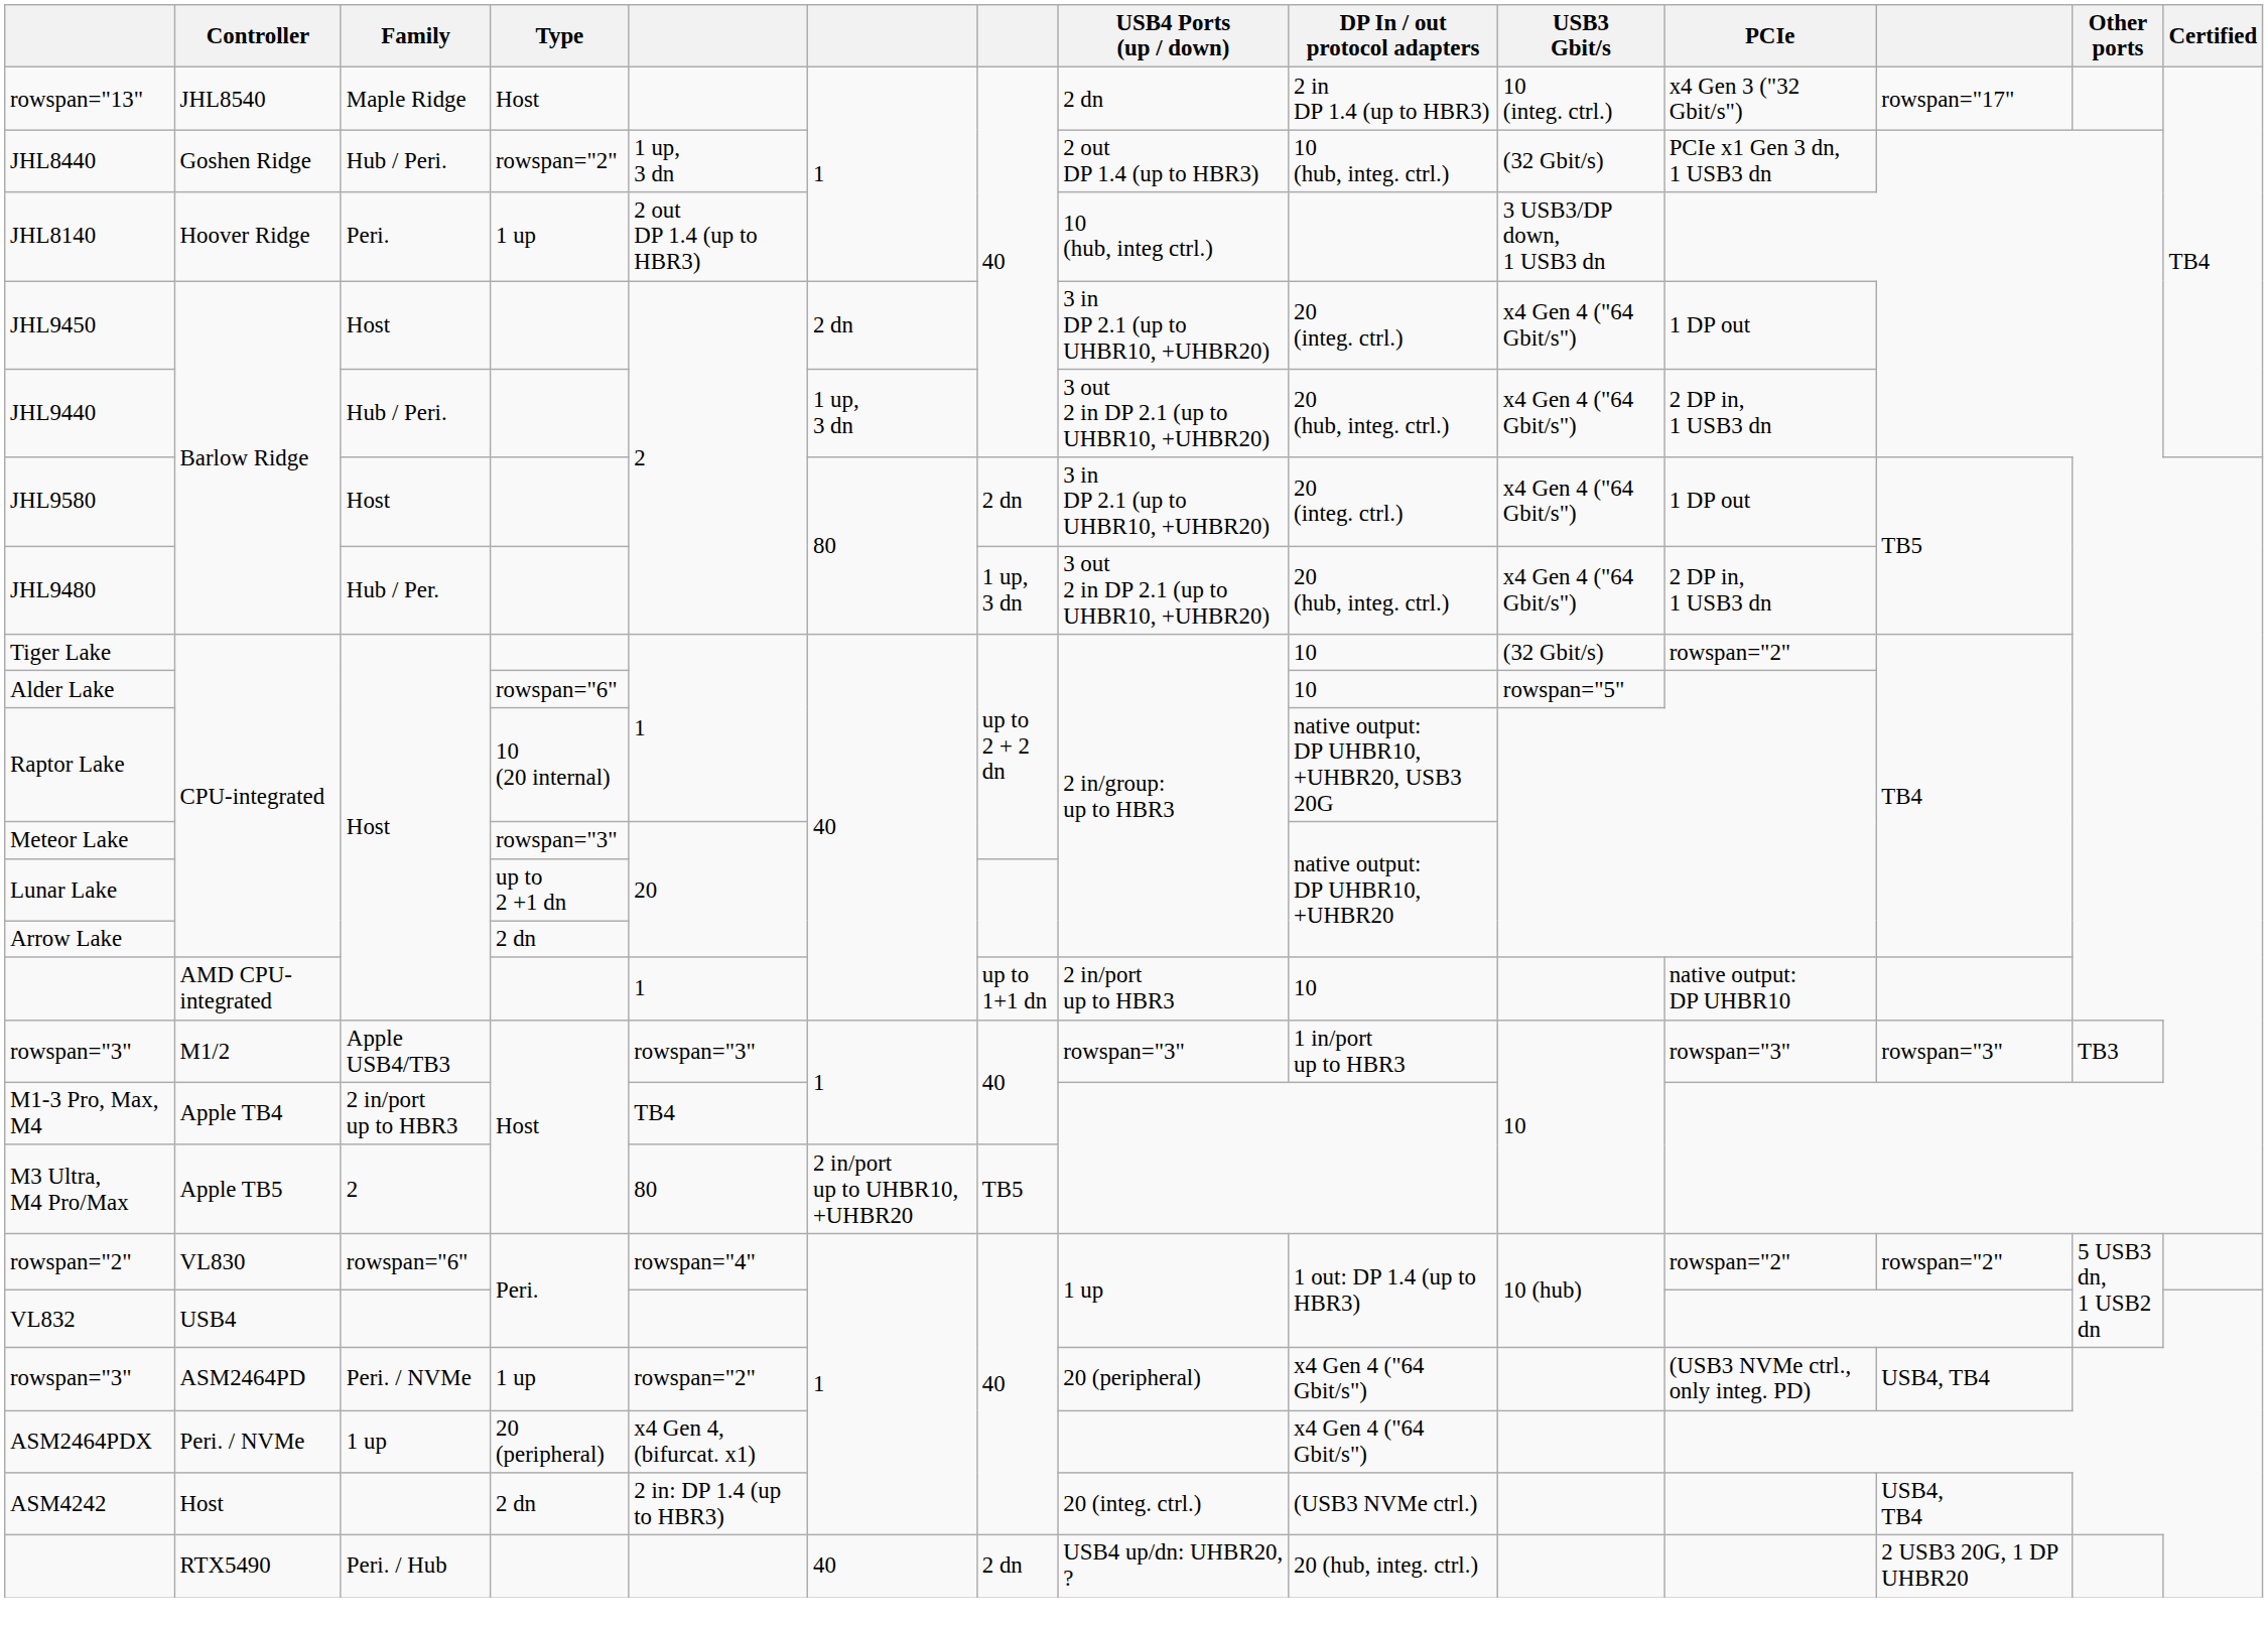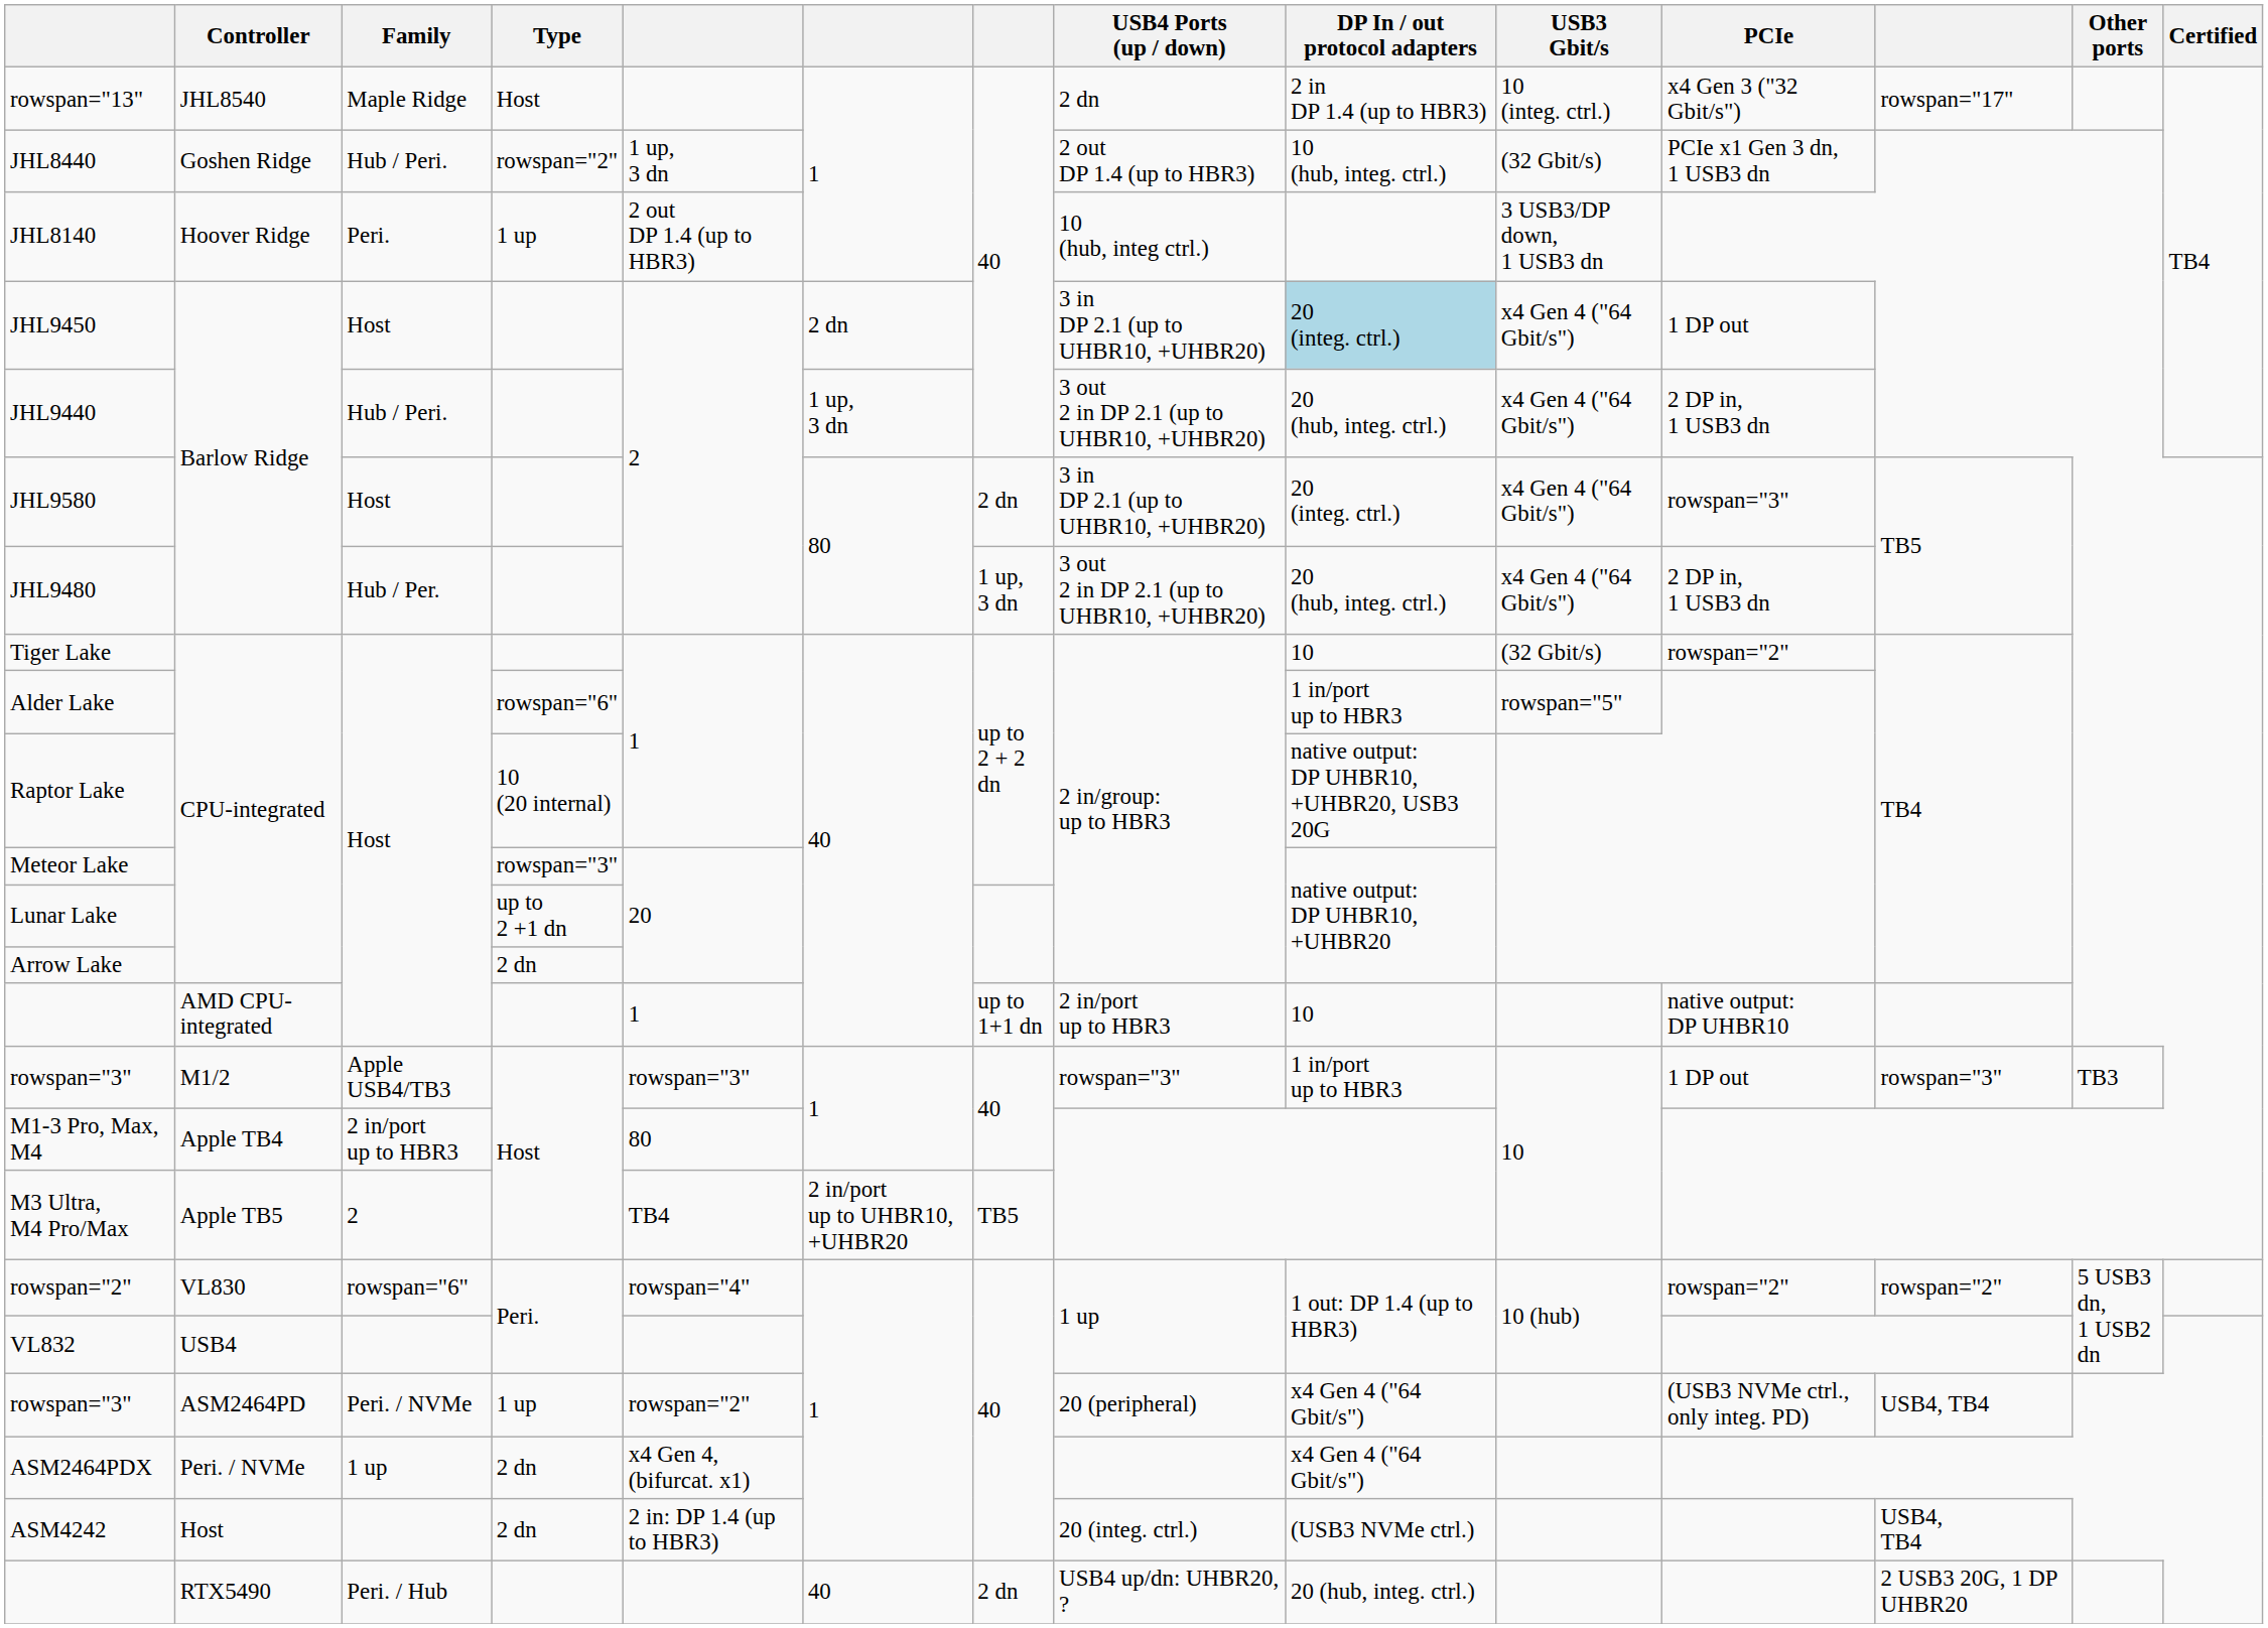 <table class="wikitable">
 <tr>
 <th></th>
 <th>Controller</th>
 <th>Family</th>
 <th>Type</th>
 <th></th>
 <th></th>
 <th></th>
 <th>USB4 Ports<br>(up / down)</th>
 <th>DP In / out<br>protocol adapters</th>
 <th>USB3<br>Gbit/s</th>
 <th>PCIe</th>
 <th></th>
 <th>Other ports</th>
 <th>Certified</th>
 </tr>
 <tr>
 <td>rowspan="13" </td>
 <td>JHL8540</td>
 <td>Maple Ridge</td>
 <td>Host</td>
 <td></td>
 <td rowspan="3">1</td>
 <td rowspan="5">40</td>
 <td>2 dn</td>
 <td>2 in<br>DP 1.4 (up to HBR3)</td>
 <td>10<br>(integ. ctrl.)</td>
 <td>x4 Gen 3 ("32 Gbit/s")</td>
 <td>rowspan="17" </td>
 <td></td>
 <td rowspan="5">TB4</td>
 </tr>
 <tr>
 <td>JHL8440</td>
 <td>Goshen Ridge</td>
 <td>Hub / Peri.</td>
 <td>rowspan="2" </td>
 <td>1 up,<br>3 dn</td>
 <td>2 out<br>DP 1.4 (up to HBR3)</td>
 <td>10<br>(hub, integ. ctrl.)</td>
 <td>(32 Gbit/s)</td>
 <td>PCIe x1 Gen 3 dn,<br>1 USB3 dn</td>
 </tr>
 <tr>
 <td>JHL8140</td>
 <td>Hoover Ridge</td>
 <td>Peri.</td>
 <td>1 up</td>
 <td>2 out<br>DP 1.4 (up to HBR3)</td>
 <td>10<br>(hub, integ ctrl.)</td>
 <td></td>
 <td>3 USB3/DP down,<br>1 USB3 dn</td>
 </tr>
 <tr>
 <td>JHL9450</td>
 <td rowspan="4">Barlow Ridge</td>
 <td>Host</td>
 <td></td>
 <td rowspan="4">2</td>
 <td>2 dn</td>
 <td>3 in<br>DP 2.1 (up to UHBR10, +UHBR20)</td>
-<td>20<br>(integ. ctrl.)</td>
+<td style="background: lightblue;">20<br>(integ. ctrl.)</td>
 <td>x4 Gen 4 ("64 Gbit/s")</td>
 <td>1 DP out</td>
 </tr>
 <tr>
 <td>JHL9440</td>
 <td>Hub / Peri.</td>
 <td></td>
 <td>1 up,<br>3 dn</td>
 <td>3 out<br>2 in DP 2.1 (up to UHBR10, +UHBR20)</td>
 <td>20<br>(hub, integ. ctrl.)</td>
 <td>x4 Gen 4 ("64 Gbit/s")</td>
 <td>2 DP in,<br>1 USB3 dn</td>
 </tr>
 <tr>
 <td>JHL9580</td>
 <td>Host</td>
 <td></td>
 <td rowspan="2">80</td>
 <td>2 dn</td>
 <td>3 in<br>DP 2.1 (up to UHBR10, +UHBR20)</td>
 <td>20<br>(integ. ctrl.)</td>
 <td>x4 Gen 4 ("64 Gbit/s")</td>
-<td>1 DP out</td>
+<td>rowspan="3" </td>
 <td rowspan="2">TB5</td>
 </tr>
 <tr>
 <td>JHL9480</td>
 <td>Hub / Per.</td>
 <td></td>
 <td>1 up,<br>3 dn</td>
 <td>3 out<br>2 in DP 2.1 (up to UHBR10, +UHBR20)</td>
 <td>20<br>(hub, integ. ctrl.)</td>
 <td>x4 Gen 4 ("64 Gbit/s")</td>
 <td>2 DP in,<br>1 USB3 dn</td>
 </tr>
 <tr>
 <td>Tiger Lake</td>
 <td rowspan="6">CPU-integrated</td>
 <td rowspan="7">Host</td>
 <td></td>
 <td rowspan="3">1</td>
 <td rowspan="7">40</td>
 <td rowspan="4">up to<br>2 + 2 dn</td>
 <td rowspan="6">2 in/group:<br>up to HBR3</td>
 <td>10</td>
 <td>(32 Gbit/s)</td>
 <td>rowspan="2" </td>
 <td rowspan="6">TB4</td>
 </tr>
 <tr>
 <td>Alder Lake</td>
 <td>rowspan="6" </td>
-<td>10</td>
+<td>1 in/port<br>up to HBR3</td>
 <td>rowspan="5" </td>
 </tr>
 <tr>
 <td>Raptor Lake</td>
 <td>10<br>(20 internal)</td>
 <td>native output:<br>DP UHBR10, +UHBR20, USB3 20G</td>
 </tr>
 <tr>
 <td>Meteor Lake</td>
 <td>rowspan="3" </td>
 <td rowspan="3">20</td>
 <td rowspan="3">native output:<br>DP UHBR10, +UHBR20</td>
 </tr>
 <tr>
 <td>Lunar Lake</td>
 <td>up to<br>2 +1 dn</td>
 </tr>
 <tr>
 <td>Arrow Lake</td>
 <td>2 dn</td>
 </tr>
 <tr>
 <td></td>
 <td>AMD CPU-integrated</td>
 <td></td>
 <td>1</td>
 <td>up to 1+1 dn</td>
 <td>2 in/port<br>up to HBR3</td>
 <td>10</td>
 <td></td>
 <td>native output:<br>DP UHBR10</td>
 <td></td>
 </tr>
 <tr>
 <td>rowspan="3" </td>
 <td>M1/2</td>
 <td>Apple USB4/TB3</td>
 <td rowspan="3">Host</td>
 <td>rowspan="3" </td>
 <td rowspan="2">1</td>
 <td rowspan="2">40</td>
 <td>rowspan="3" </td>
 <td>1 in/port<br>up to HBR3</td>
 <td rowspan="3">10</td>
-<td>rowspan="3" </td>
+<td>1 DP out</td>
 <td>rowspan="3" </td>
 <td>TB3</td>
 </tr>
 <tr>
 <td>M1-3 Pro, Max, M4</td>
 <td>Apple TB4</td>
 <td>2 in/port<br>up to HBR3</td>
-<td>TB4</td>
+<td>80</td>
 </tr>
 <tr>
 <td>M3 Ultra,<br>M4 Pro/Max</td>
 <td>Apple TB5</td>
 <td>2</td>
-<td>80</td>
+<td>TB4</td>
 <td>2 in/port<br>up to UHBR10, +UHBR20</td>
 <td>TB5</td>
 </tr>
 <tr>
 <td>rowspan="2" </td>
 <td>VL830</td>
 <td>rowspan="6" </td>
 <td rowspan="2">Peri.</td>
 <td>rowspan="4" </td>
 <td rowspan="5">1</td>
 <td rowspan="5">40</td>
 <td rowspan="2">1 up</td>
 <td rowspan="2">1 out: DP 1.4 (up to HBR3)</td>
 <td rowspan="2">10 (hub)</td>
 <td>rowspan="2" </td>
 <td>rowspan="2" </td>
 <td rowspan="2">5 USB3 dn,<br>1 USB2 dn</td>
 <td></td>
 </tr>
 <tr>
 <td>VL832</td>
 <td>USB4</td>
 </tr>
 <tr>
 <td>rowspan="3" </td>
 <td>ASM2464PD</td>
 <td>Peri. / NVMe</td>
 <td>1 up</td>
 <td>rowspan="2" </td>
 <td>20 (peripheral)</td>
 <td>x4 Gen 4 ("64 Gbit/s")</td>
 <td></td>
 <td>(USB3 NVMe ctrl., only integ. PD)</td>
 <td>USB4, TB4</td>
 </tr>
 <tr>
 <td>ASM2464PDX</td>
 <td>Peri. / NVMe</td>
 <td>1 up</td>
-<td>20 (peripheral)</td>
+<td>2 dn</td>
 <td>x4 Gen 4,<br>(bifurcat. x1)</td>
 <td></td>
 <td>x4 Gen 4 ("64 Gbit/s")</td>
 <td></td>
 </tr>
 <tr>
 <td>ASM4242</td>
 <td>Host</td>
 <td></td>
 <td>2 dn</td>
 <td>2 in: DP 1.4 (up to HBR3)</td>
 <td>20 (integ. ctrl.)</td>
 <td>(USB3 NVMe ctrl.)</td>
 <td></td>
 <td></td>
 <td>USB4,<br>TB4</td>
 </tr>
 <tr>
 <td></td>
 <td>RTX5490</td>
 <td>Peri. / Hub</td>
 <td></td>
 <td></td>
 <td>40</td>
 <td>2 dn</td>
 <td>USB4 up/dn: UHBR20, ?</td>
 <td>20 (hub, integ. ctrl.)</td>
 <td></td>
 <td></td>
 <td>2 USB3 20G, 1 DP UHBR20</td>
 <td></td>
 </tr>
 </table>
